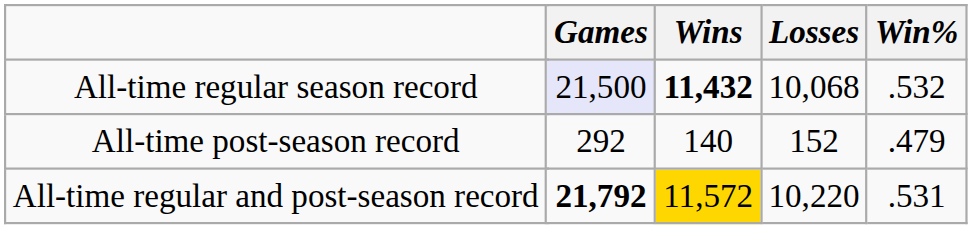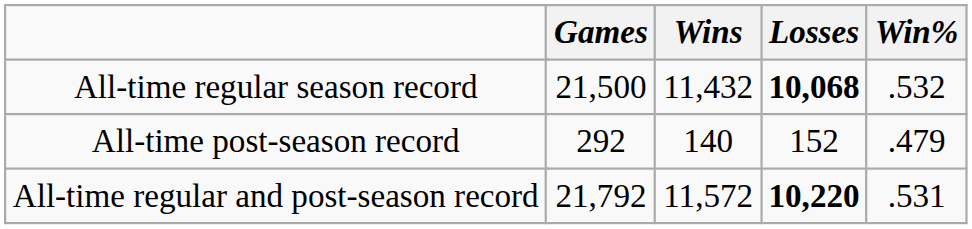 <table class="wikitable plainrowheaders" style="text-align:center; font-size:95%">
 <tr>
 <td colspan="4"></td>
 <th><em>Games</em></th>
 <th><em>Wins</em></th>
 <th><em>Losses</em></th>
 <th><em>Win%</em></th>
 </tr>
 <tr>
 <td colspan="4">All-time regular season record</td>
-<td style="background: lavender;">21,500</td>
-<td><strong>11,432</strong></td>
-<td>10,068</td>
+<td>21,500</td>
+<td>11,432</td>
+<td><strong>10,068</strong></td>
 <td>.532</td>
 </tr>
 <tr>
 <td colspan="4">All-time post-season record</td>
 <td>292</td>
 <td>140</td>
 <td>152</td>
 <td>.479</td>
 </tr>
 <tr>
 <td colspan="4">All-time regular and post-season record</td>
-<td><strong>21,792</strong></td>
-<td style="background: gold;">11,572</td>
-<td>10,220</td>
+<td>21,792</td>
+<td>11,572</td>
+<td><strong>10,220</strong></td>
 <td>.531</td>
 </tr>
 </table>
